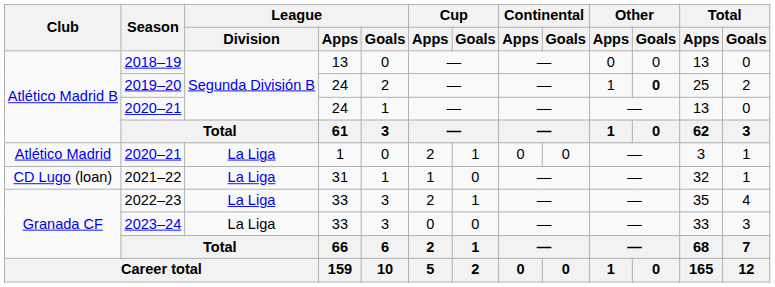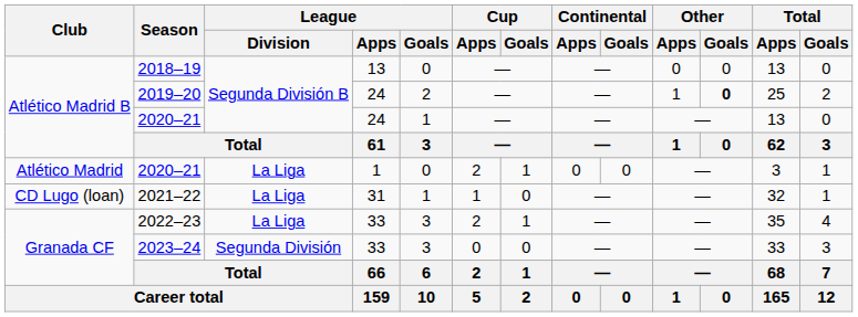 <table class="wikitable" Style="text-align: center">
 <tr>
 <th rowspan="2">Club</th>
 <th rowspan="2">Season</th>
 <th colspan="3">League</th>
 <th colspan="2">Cup</th>
 <th colspan="2">Continental</th>
 <th colspan="2">Other</th>
 <th colspan="2">Total</th>
 </tr>
 <tr>
 <th>Division</th>
 <th>Apps</th>
 <th>Goals</th>
 <th>Apps</th>
 <th>Goals</th>
 <th>Apps</th>
 <th>Goals</th>
 <th>Apps</th>
 <th>Goals</th>
 <th>Apps</th>
 <th>Goals</th>
 </tr>
 <tr>
 <td rowspan="4"><a href='#'>Atlético Madrid B</a></td>
 <td><a href='#'>2018–19</a></td>
 <td rowspan="3"><a href='#'>Segunda División B</a></td>
 <td>13</td>
 <td>0</td>
 <td colspan="2">—</td>
 <td colspan="2">—</td>
 <td>0</td>
 <td>0</td>
 <td>13</td>
 <td>0</td>
 </tr>
 <tr>
 <td><a href='#'>2019–20</a></td>
 <td>24</td>
 <td>2</td>
 <td colspan="2">—</td>
 <td colspan="2">—</td>
 <td>1</td>
 <td><strong>0</strong></td>
 <td>25</td>
 <td>2</td>
 </tr>
 <tr>
 <td><a href='#'>2020–21</a></td>
 <td>24</td>
 <td>1</td>
 <td colspan="2">—</td>
 <td colspan="2">—</td>
 <td colspan="2">—</td>
 <td>13</td>
 <td>0</td>
 </tr>
 <tr>
 <th colspan="2">Total</th>
 <th>61</th>
 <th>3</th>
 <th colspan="2">—</th>
 <th colspan="2">—</th>
 <th>1</th>
 <th>0</th>
 <th>62</th>
 <th>3</th>
 </tr>
 <tr>
 <td><a href='#'>Atlético Madrid</a></td>
 <td><a href='#'>2020–21</a></td>
 <td><a href='#'>La Liga</a></td>
 <td>1</td>
 <td>0</td>
 <td>2</td>
 <td>1</td>
 <td>0</td>
 <td>0</td>
 <td colspan="2">—</td>
 <td>3</td>
 <td>1</td>
 </tr>
 <tr>
 <td><a href='#'>CD Lugo</a> (loan)</td>
 <td>2021–22</td>
 <td><a href='#'>La Liga</a></td>
 <td>31</td>
 <td>1</td>
 <td>1</td>
 <td>0</td>
 <td colspan="2">—</td>
 <td colspan="2">—</td>
 <td>32</td>
 <td>1</td>
 </tr>
 <tr>
 <td rowspan="3"><a href='#'>Granada CF</a></td>
 <td>2022–23</td>
 <td><a href='#'>La Liga</a></td>
 <td>33</td>
 <td>3</td>
 <td>2</td>
 <td>1</td>
 <td colspan="2">—</td>
 <td colspan="2">—</td>
 <td>35</td>
 <td>4</td>
 </tr>
 <tr>
 <td><a href='#'>2023–24</a></td>
-<td>La Liga</td>
+<td><a href='#'>Segunda División</a></td>
 <td>33</td>
 <td>3</td>
 <td>0</td>
 <td>0</td>
 <td colspan="2">—</td>
 <td colspan="2">—</td>
 <td>33</td>
 <td>3</td>
 </tr>
 <tr>
 <th colspan="2">Total</th>
 <th>66</th>
 <th>6</th>
 <th>2</th>
 <th>1</th>
 <th colspan="2">—</th>
 <th colspan="2">—</th>
 <th>68</th>
 <th>7</th>
 </tr>
 <tr>
 <th colspan="3">Career total</th>
 <th>159</th>
 <th>10</th>
 <th>5</th>
 <th>2</th>
 <th>0</th>
 <th>0</th>
 <th>1</th>
 <th>0</th>
 <th>165</th>
 <th>12</th>
 </tr>
 </table>
